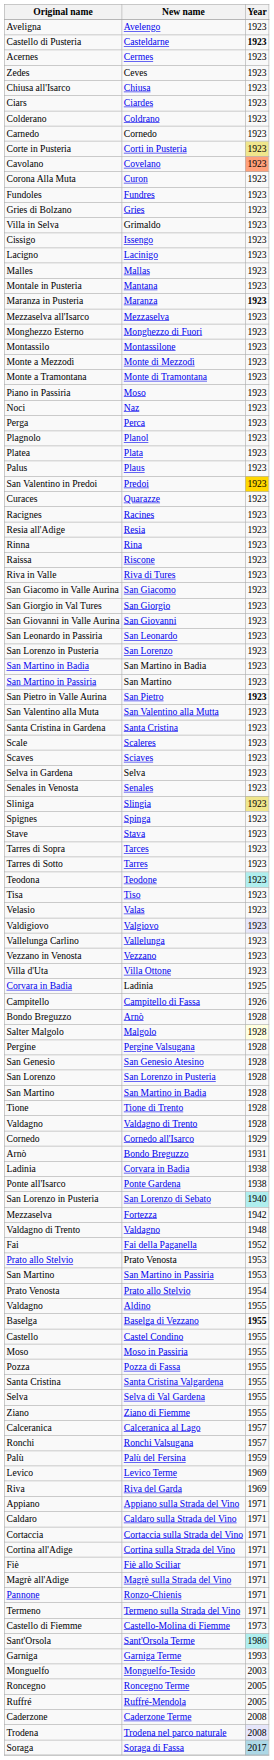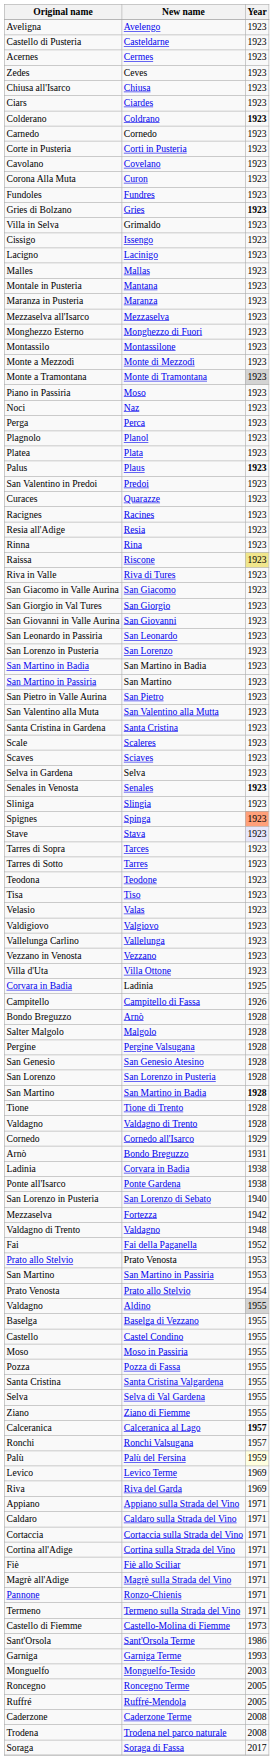 <table class="wikitable sortable">
 <tr>
 <th>Original name</th>
 <th>New name</th>
 <th>Year</th>
 </tr>
 <tr bgcolor=#FFFFFF>
 </tr>
 <tr>
 <td>Aveligna</td>
 <td><a href='#'>Avelengo</a></td>
 <td>1923</td>
 </tr>
 <tr>
 <td>Castello di Pusteria</td>
 <td><a href='#'>Casteldarne</a></td>
-<td><strong>1923</strong></td>
+<td>1923</td>
 </tr>
 <tr>
 <td>Acernes</td>
 <td><a href='#'>Cermes</a></td>
 <td>1923</td>
 </tr>
 <tr>
 <td>Zedes</td>
 <td>Ceves</td>
 <td>1923</td>
 </tr>
 <tr>
 <td>Chiusa all'Isarco</td>
 <td><a href='#'>Chiusa</a></td>
 <td>1923</td>
 </tr>
 <tr>
 <td>Ciars</td>
 <td><a href='#'>Ciardes</a></td>
 <td>1923</td>
 </tr>
 <tr>
 <td>Colderano</td>
 <td><a href='#'>Coldrano</a></td>
-<td>1923</td>
+<td><strong>1923</strong></td>
 </tr>
 <tr>
 <td>Carnedo</td>
 <td>Cornedo</td>
 <td>1923</td>
 </tr>
 <tr>
 <td>Corte in Pusteria</td>
 <td><a href='#'>Corti in Pusteria</a></td>
-<td style="background: khaki;">1923</td>
+<td>1923</td>
 </tr>
 <tr>
 <td>Cavolano</td>
 <td><a href='#'>Covelano</a></td>
-<td style="background: lightsalmon;">1923</td>
+<td>1923</td>
 </tr>
 <tr>
 <td>Corona Alla Muta</td>
 <td><a href='#'>Curon</a></td>
 <td>1923</td>
 </tr>
 <tr>
 <td>Fundoles</td>
 <td><a href='#'>Fundres</a></td>
 <td>1923</td>
 </tr>
 <tr>
 <td>Gries di Bolzano</td>
 <td><a href='#'>Gries</a></td>
-<td>1923</td>
+<td><strong>1923</strong></td>
 </tr>
 <tr>
 <td>Villa in Selva</td>
 <td>Grimaldo</td>
 <td>1923</td>
 </tr>
 <tr>
 <td>Cissigo</td>
 <td><a href='#'>Issengo</a></td>
 <td>1923</td>
 </tr>
 <tr>
 <td>Lacigno</td>
 <td><a href='#'>Lacinigo</a></td>
 <td>1923</td>
 </tr>
 <tr>
 <td>Malles</td>
 <td><a href='#'>Mallas</a></td>
 <td>1923</td>
 </tr>
 <tr>
 <td>Montale in Pusteria</td>
 <td><a href='#'>Mantana</a></td>
 <td>1923</td>
 </tr>
 <tr>
 <td>Maranza in Pusteria</td>
 <td><a href='#'>Maranza</a></td>
-<td><strong>1923</strong></td>
+<td>1923</td>
 </tr>
 <tr>
 <td>Mezzaselva all'Isarco</td>
 <td><a href='#'>Mezzaselva</a></td>
 <td>1923</td>
 </tr>
 <tr>
 <td>Monghezzo Esterno</td>
 <td><a href='#'>Monghezzo di Fuori</a></td>
 <td>1923</td>
 </tr>
 <tr>
 <td>Montassilo</td>
 <td><a href='#'>Montassilone</a></td>
 <td>1923</td>
 </tr>
 <tr>
 <td>Monte a Mezzodì</td>
 <td><a href='#'>Monte di Mezzodì</a></td>
 <td>1923</td>
 </tr>
 <tr>
 <td>Monte a Tramontana</td>
 <td><a href='#'>Monte di Tramontana</a></td>
-<td>1923</td>
+<td style="background: lightgrey;">1923</td>
 </tr>
 <tr>
 <td>Piano in Passiria</td>
 <td><a href='#'>Moso</a></td>
 <td>1923</td>
 </tr>
 <tr>
 <td>Noci</td>
 <td><a href='#'>Naz</a></td>
 <td>1923</td>
 </tr>
 <tr>
 <td>Perga</td>
 <td><a href='#'>Perca</a></td>
 <td>1923</td>
 </tr>
 <tr>
 <td>Plagnolo</td>
 <td><a href='#'>Planol</a></td>
 <td>1923</td>
 </tr>
 <tr>
 <td>Platea</td>
 <td><a href='#'>Plata</a></td>
 <td>1923</td>
 </tr>
 <tr>
 <td>Palus</td>
 <td><a href='#'>Plaus</a></td>
-<td>1923</td>
+<td><strong>1923</strong></td>
 </tr>
 <tr>
 <td>San Valentino in Predoi</td>
 <td><a href='#'>Predoi</a></td>
-<td style="background: gold;">1923</td>
+<td>1923</td>
 </tr>
 <tr>
 <td>Curaces</td>
 <td><a href='#'>Quarazze</a></td>
 <td>1923</td>
 </tr>
 <tr>
 <td>Racignes</td>
 <td><a href='#'>Racines</a></td>
 <td>1923</td>
 </tr>
 <tr>
 <td>Resia all'Adige</td>
 <td><a href='#'>Resia</a></td>
 <td>1923</td>
 </tr>
 <tr>
 <td>Rinna</td>
 <td><a href='#'>Rina</a></td>
 <td>1923</td>
 </tr>
 <tr>
 <td>Raissa</td>
 <td><a href='#'>Riscone</a></td>
-<td>1923</td>
+<td style="background: khaki;">1923</td>
 </tr>
 <tr>
 <td>Riva in Valle</td>
 <td><a href='#'>Riva di Tures</a></td>
 <td>1923</td>
 </tr>
 <tr>
 <td>San Giacomo in Valle Aurina</td>
 <td><a href='#'>San Giacomo</a></td>
 <td>1923</td>
 </tr>
 <tr>
 <td>San Giorgio in Val Tures</td>
 <td><a href='#'>San Giorgio</a></td>
 <td>1923</td>
 </tr>
 <tr>
 <td>San Giovanni in Valle Aurina</td>
 <td><a href='#'>San Giovanni</a></td>
 <td>1923</td>
 </tr>
 <tr>
 <td>San Leonardo in Passiria</td>
 <td><a href='#'>San Leonardo</a></td>
 <td>1923</td>
 </tr>
 <tr>
 <td>San Lorenzo in Pusteria</td>
 <td><a href='#'>San Lorenzo</a></td>
 <td>1923</td>
 </tr>
 <tr>
 <td><a href='#'>San Martino in Badia</a></td>
 <td>San Martino in Badia</td>
 <td>1923</td>
 </tr>
 <tr>
 <td><a href='#'>San Martino in Passiria</a></td>
 <td>San Martino</td>
 <td>1923</td>
 </tr>
 <tr>
 <td>San Pietro in Valle Aurina</td>
 <td><a href='#'>San Pietro</a></td>
-<td><strong>1923</strong></td>
+<td>1923</td>
 </tr>
 <tr>
 <td>San Valentino alla Muta</td>
 <td><a href='#'>San Valentino alla Mutta</a></td>
 <td>1923</td>
 </tr>
 <tr>
 <td>Santa Cristina in Gardena</td>
 <td><a href='#'>Santa Cristina</a></td>
 <td>1923</td>
 </tr>
 <tr>
 <td>Scale</td>
 <td><a href='#'>Scaleres</a></td>
 <td>1923</td>
 </tr>
 <tr>
 <td>Scaves</td>
 <td><a href='#'>Sciaves</a></td>
 <td>1923</td>
 </tr>
 <tr>
 <td>Selva in Gardena</td>
 <td>Selva</td>
 <td>1923</td>
 </tr>
 <tr>
 <td>Senales in Venosta</td>
 <td><a href='#'>Senales</a></td>
-<td>1923</td>
+<td><strong>1923</strong></td>
 </tr>
 <tr>
 <td>Sliniga</td>
 <td><a href='#'>Slingia</a></td>
-<td style="background: khaki;">1923</td>
+<td>1923</td>
 </tr>
 <tr>
 <td>Spignes</td>
 <td><a href='#'>Spinga</a></td>
-<td>1923</td>
+<td style="background: lightsalmon;">1923</td>
 </tr>
 <tr>
 <td>Stave</td>
 <td><a href='#'>Stava</a></td>
-<td>1923</td>
+<td style="background: lavender;">1923</td>
 </tr>
 <tr>
 <td>Tarres di Sopra</td>
 <td><a href='#'>Tarces</a></td>
 <td>1923</td>
 </tr>
 <tr>
 <td>Tarres di Sotto</td>
 <td><a href='#'>Tarres</a></td>
 <td>1923</td>
 </tr>
 <tr>
 <td>Teodona</td>
 <td><a href='#'>Teodone</a></td>
-<td style="background: paleturquoise;">1923</td>
+<td>1923</td>
 </tr>
 <tr>
 <td>Tisa</td>
 <td><a href='#'>Tiso</a></td>
 <td>1923</td>
 </tr>
 <tr>
 <td>Velasio</td>
 <td><a href='#'>Valas</a></td>
 <td>1923</td>
 </tr>
 <tr>
 <td>Valdigiovo</td>
 <td><a href='#'>Valgiovo</a></td>
-<td style="background: lavender;">1923</td>
+<td>1923</td>
 </tr>
 <tr>
 <td>Vallelunga Carlino</td>
 <td><a href='#'>Vallelunga</a></td>
 <td>1923</td>
 </tr>
 <tr>
 <td>Vezzano in Venosta</td>
 <td><a href='#'>Vezzano</a></td>
 <td>1923</td>
 </tr>
 <tr>
 <td>Villa d'Uta</td>
 <td><a href='#'>Villa Ottone</a></td>
 <td>1923</td>
 </tr>
 <tr>
 <td><a href='#'>Corvara in Badia</a></td>
 <td>Ladinia</td>
 <td>1925</td>
 </tr>
 <tr>
 <td>Campitello</td>
 <td><a href='#'>Campitello di Fassa</a></td>
 <td>1926</td>
 </tr>
 <tr>
 <td>Bondo Breguzzo</td>
 <td><a href='#'>Arnò</a></td>
 <td>1928</td>
 </tr>
 <tr>
 <td>Salter Malgolo</td>
 <td><a href='#'>Malgolo</a></td>
-<td style="background: lightyellow;">1928</td>
+<td>1928</td>
 </tr>
 <tr>
 <td>Pergine</td>
 <td><a href='#'>Pergine Valsugana</a></td>
 <td>1928</td>
 </tr>
 <tr>
 <td>San Genesio</td>
 <td><a href='#'>San Genesio Atesino</a></td>
 <td>1928</td>
 </tr>
 <tr>
 <td>San Lorenzo</td>
 <td><a href='#'>San Lorenzo in Pusteria</a></td>
 <td>1928</td>
 </tr>
 <tr>
 <td>San Martino</td>
 <td><a href='#'>San Martino in Badia</a></td>
-<td>1928</td>
+<td><strong>1928</strong></td>
 </tr>
 <tr>
 <td>Tione</td>
 <td><a href='#'>Tione di Trento</a></td>
 <td>1928</td>
 </tr>
 <tr>
 <td>Valdagno</td>
 <td><a href='#'>Valdagno di Trento</a></td>
 <td>1928</td>
 </tr>
 <tr>
 <td>Cornedo</td>
 <td><a href='#'>Cornedo all'Isarco</a></td>
 <td>1929</td>
 </tr>
 <tr>
 <td>Arnò</td>
 <td><a href='#'>Bondo Breguzzo</a></td>
 <td>1931</td>
 </tr>
 <tr>
 <td>Ladinia</td>
 <td><a href='#'>Corvara in Badia</a></td>
 <td>1938</td>
 </tr>
 <tr>
 <td>Ponte all'Isarco</td>
 <td><a href='#'>Ponte Gardena</a></td>
 <td>1938</td>
 </tr>
 <tr>
 <td>San Lorenzo in Pusteria</td>
 <td><a href='#'>San Lorenzo di Sebato</a></td>
-<td style="background: paleturquoise;">1940</td>
+<td>1940</td>
 </tr>
 <tr>
 <td>Mezzaselva</td>
 <td><a href='#'>Fortezza</a></td>
 <td>1942</td>
 </tr>
 <tr>
 <td>Valdagno di Trento</td>
 <td><a href='#'>Valdagno</a></td>
 <td>1948</td>
 </tr>
 <tr>
 <td>Fai</td>
 <td><a href='#'>Fai della Paganella</a></td>
 <td>1952</td>
 </tr>
 <tr>
 <td><a href='#'>Prato allo Stelvio</a></td>
 <td>Prato Venosta</td>
 <td>1953</td>
 </tr>
 <tr>
 <td>San Martino</td>
 <td><a href='#'>San Martino in Passiria</a></td>
 <td>1953</td>
 </tr>
 <tr>
 <td>Prato Venosta</td>
 <td><a href='#'>Prato allo Stelvio</a></td>
 <td>1954</td>
 </tr>
 <tr>
 <td>Valdagno</td>
 <td><a href='#'>Aldino</a></td>
-<td>1955</td>
+<td style="background: lightgrey;">1955</td>
 </tr>
 <tr>
 <td>Baselga</td>
 <td><a href='#'>Baselga di Vezzano</a></td>
-<td><strong>1955</strong></td>
+<td>1955</td>
 </tr>
 <tr>
 <td>Castello</td>
 <td><a href='#'>Castel Condino</a></td>
 <td>1955</td>
 </tr>
 <tr>
 <td>Moso</td>
 <td><a href='#'>Moso in Passiria</a></td>
 <td>1955</td>
 </tr>
 <tr>
 <td>Pozza</td>
 <td><a href='#'>Pozza di Fassa</a></td>
 <td>1955</td>
 </tr>
 <tr>
 <td>Santa Cristina</td>
 <td><a href='#'>Santa Cristina Valgardena</a></td>
 <td>1955</td>
 </tr>
 <tr>
 <td>Selva</td>
 <td><a href='#'>Selva di Val Gardena</a></td>
 <td>1955</td>
 </tr>
 <tr>
 <td>Ziano</td>
 <td><a href='#'>Ziano di Fiemme</a></td>
 <td>1955</td>
 </tr>
 <tr>
 <td>Calceranica</td>
 <td><a href='#'>Calceranica al Lago</a></td>
-<td>1957</td>
+<td><strong>1957</strong></td>
 </tr>
 <tr>
 <td>Ronchi</td>
 <td><a href='#'>Ronchi Valsugana</a></td>
 <td>1957</td>
 </tr>
 <tr>
 <td>Palù</td>
 <td><a href='#'>Palù del Fersina</a></td>
-<td>1959</td>
+<td style="background: lightyellow;">1959</td>
 </tr>
 <tr>
 <td>Levico</td>
 <td><a href='#'>Levico Terme</a></td>
 <td>1969</td>
 </tr>
 <tr>
 <td>Riva</td>
 <td><a href='#'>Riva del Garda</a></td>
 <td>1969</td>
 </tr>
 <tr>
 <td>Appiano</td>
 <td><a href='#'>Appiano sulla Strada del Vino</a></td>
 <td>1971</td>
 </tr>
 <tr>
 <td>Caldaro</td>
 <td><a href='#'>Caldaro sulla Strada del Vino</a></td>
 <td>1971</td>
 </tr>
 <tr>
 <td>Cortaccia</td>
 <td><a href='#'>Cortaccia sulla Strada del Vino</a></td>
 <td>1971</td>
 </tr>
 <tr>
 <td>Cortina all'Adige</td>
 <td><a href='#'>Cortina sulla Strada del Vino</a></td>
 <td>1971</td>
 </tr>
 <tr>
 <td>Fiè</td>
 <td><a href='#'>Fiè allo Sciliar</a></td>
 <td>1971</td>
 </tr>
 <tr>
 <td>Magrè all'Adige</td>
 <td><a href='#'>Magrè sulla Strada del Vino</a></td>
 <td>1971</td>
 </tr>
 <tr>
 <td><a href='#'>Pannone</a></td>
 <td><a href='#'>Ronzo-Chienis</a></td>
 <td>1971</td>
 </tr>
 <tr>
 <td>Termeno</td>
 <td><a href='#'>Termeno sulla Strada del Vino</a></td>
 <td>1971</td>
 </tr>
 <tr>
 <td>Castello di Fiemme</td>
 <td><a href='#'>Castello-Molina di Fiemme</a></td>
 <td>1973</td>
 </tr>
 <tr>
 <td>Sant'Orsola</td>
 <td><a href='#'>Sant'Orsola Terme</a></td>
-<td style="background: paleturquoise;">1986</td>
+<td>1986</td>
 </tr>
 <tr>
 <td>Garniga</td>
 <td><a href='#'>Garniga Terme</a></td>
 <td>1993</td>
 </tr>
 <tr>
 <td>Monguelfo</td>
 <td><a href='#'>Monguelfo-Tesido</a></td>
 <td>2003</td>
 </tr>
 <tr>
 <td>Roncegno</td>
 <td><a href='#'>Roncegno Terme</a></td>
 <td>2005</td>
 </tr>
 <tr>
 <td>Ruffré</td>
 <td><a href='#'>Ruffré-Mendola</a></td>
 <td>2005</td>
 </tr>
 <tr>
 <td>Caderzone</td>
 <td><a href='#'>Caderzone Terme</a></td>
 <td>2008</td>
 </tr>
 <tr>
 <td>Trodena</td>
 <td><a href='#'>Trodena nel parco naturale</a></td>
-<td style="background: lavender;">2008</td>
+<td>2008</td>
 </tr>
 <tr>
 <td>Soraga</td>
 <td><a href='#'>Soraga di Fassa</a></td>
-<td style="background: lightblue;">2017</td>
+<td>2017</td>
 </tr>
 <tr>
 </tr>
 </table>
